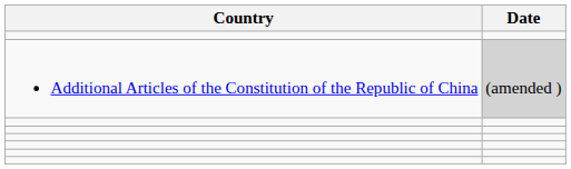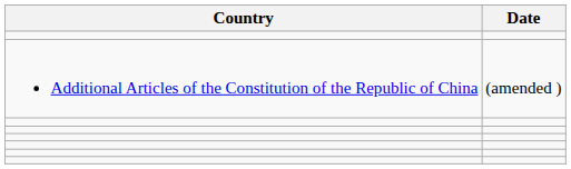 <table class="wikitable sortable">
 <tr>
 <th>Country</th>
 <th>Date</th>
 </tr>
 <tr>
 <td></td>
 <td></td>
 </tr>
 <tr>
 <td><br><ul><li><a href='#'>Additional Articles of the Constitution of the Republic of China</a></li></ul></td>
-<td style="background: lightgrey;"><br>(amended )</td>
+<td><br>(amended )</td>
 </tr>
 <tr>
 <td></td>
 <td></td>
 </tr>
 <tr>
 <td></td>
 <td></td>
 </tr>
 <tr>
 <td></td>
 <td></td>
 </tr>
 <tr>
 <td></td>
 <td></td>
 </tr>
 <tr>
 <td></td>
 <td></td>
 </tr>
 <tr>
 <td></td>
 <td></td>
 </tr>
 </table>
